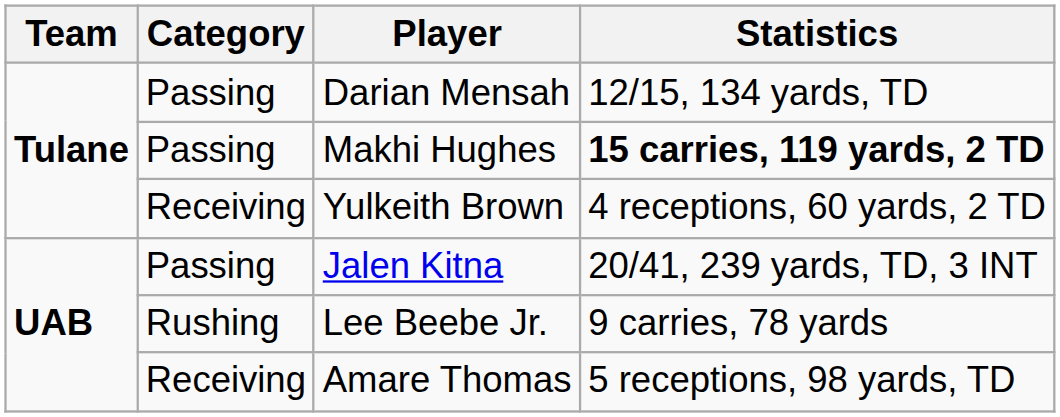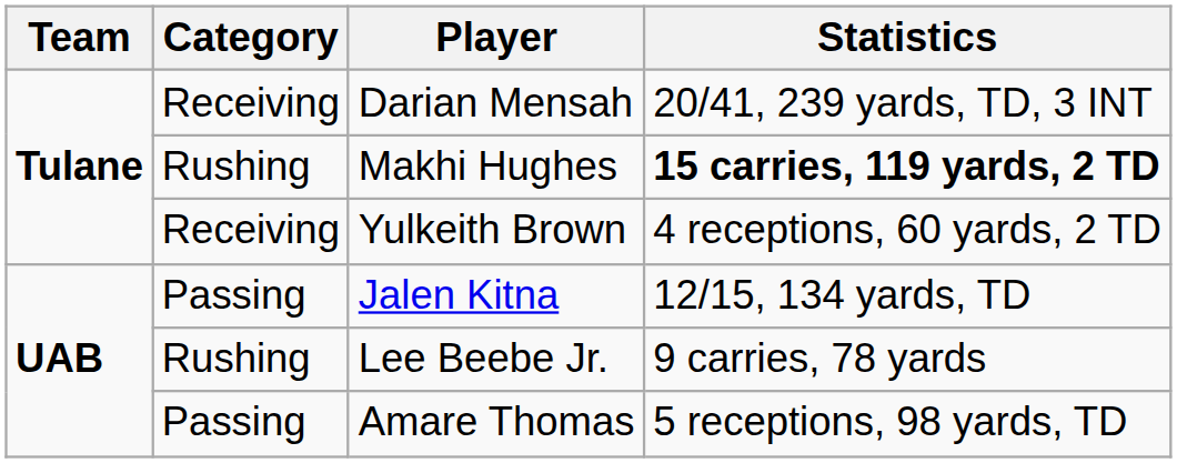 <table class="wikitable" style="float: right;">
 <tr>
 <th>Team</th>
 <th>Category</th>
 <th>Player</th>
 <th>Statistics</th>
 </tr>
 <tr>
 <td rowspan=3><strong>Tulane</strong></td>
-<td>Passing</td>
+<td>Receiving</td>
 <td>Darian Mensah</td>
-<td>12/15, 134 yards, TD</td>
+<td>20/41, 239 yards, TD, 3 INT</td>
 </tr>
 <tr>
-<td>Passing</td>
+<td>Rushing</td>
 <td>Makhi Hughes</td>
 <td><strong>15 carries, 119 yards, 2 TD</strong></td>
 </tr>
 <tr>
 <td>Receiving</td>
 <td>Yulkeith Brown</td>
 <td>4 receptions, 60 yards, 2 TD</td>
 </tr>
 <tr>
 <td rowspan=3><strong>UAB</strong></td>
 <td>Passing</td>
 <td><a href='#'>Jalen Kitna</a></td>
-<td>20/41, 239 yards, TD, 3 INT</td>
+<td>12/15, 134 yards, TD</td>
 </tr>
 <tr>
 <td>Rushing</td>
 <td>Lee Beebe Jr.</td>
 <td>9 carries, 78 yards</td>
 </tr>
 <tr>
-<td>Receiving</td>
+<td>Passing</td>
 <td>Amare Thomas</td>
 <td>5 receptions, 98 yards, TD</td>
 </tr>
 </table>
